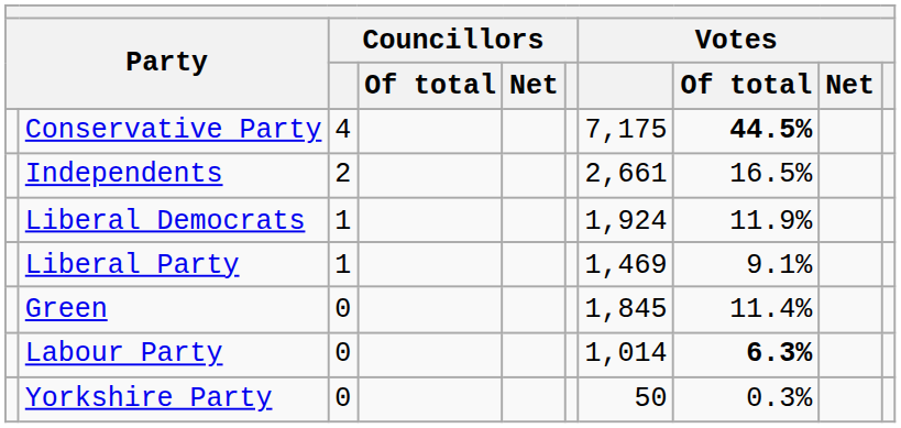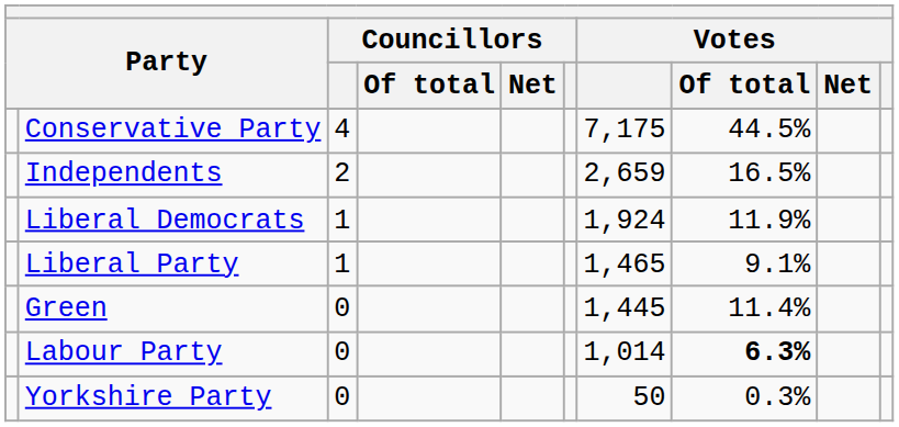 <table class="wikitable sortable" style="text-align:center;">
 <tr>
 <th colspan="10"></th>
 </tr>
 <tr>
 <th colspan="2" rowspan="2">Party</th>
 <th colspan="4">Councillors</th>
 <th colspan="4">Votes</th>
 </tr>
 <tr>
 <th></th>
 <th>Of total</th>
 <th>Net</th>
 <th class="unsortable"></th>
 <th></th>
 <th>Of total</th>
 <th>Net</th>
 <th class="unsortable"></th>
 </tr>
 <tr>
 <td style="background:"></td>
 <td style="text-align:left;"><a href='#'>Conservative Party</a></td>
 <td style="text-align:right;">4</td>
 <td style="text-align:right;"></td>
 <td style="text-align:right;"></td>
 <td data-sort-value=""></td>
 <td style="text-align:right;">7,175</td>
-<td style="text-align:right;"><strong>44.5%</strong></td>
+<td style="text-align:right;">44.5%</td>
 <td style="text-align:right;"></td>
 <td></td>
 </tr>
 <tr>
 <td style="background:"></td>
 <td style="text-align:left;"><a href='#'>Independents</a></td>
 <td style="text-align:right;">2</td>
 <td style="text-align:right;"></td>
 <td style="text-align:right;"></td>
 <td data-sort-value=""></td>
-<td style="text-align:right;">2,661</td>
+<td style="text-align:right;">2,659</td>
 <td style="text-align:right;">16.5%</td>
 <td style="text-align:right;"></td>
 <td></td>
 </tr>
 <tr>
 <td style="background:"></td>
 <td style="text-align:left;"><a href='#'>Liberal Democrats</a></td>
 <td style="text-align:right;">1</td>
 <td style="text-align:right;"></td>
 <td style="text-align:right;"></td>
 <td data-sort-value=""></td>
 <td style="text-align:right;">1,924</td>
 <td style="text-align:right;">11.9%</td>
 <td style="text-align:right;"></td>
 <td></td>
 </tr>
 <tr>
 <td style="background:"></td>
 <td style="text-align:left;"><a href='#'>Liberal Party</a></td>
 <td style="text-align:right;">1</td>
 <td style="text-align:right;"></td>
 <td style="text-align:right;"></td>
 <td data-sort-value=""></td>
-<td style="text-align:right;">1,469</td>
+<td style="text-align:right;">1,465</td>
 <td style="text-align:right;">9.1%</td>
 <td style="text-align:right;"></td>
 <td></td>
 </tr>
 <tr>
 <td style="background:"></td>
 <td style="text-align:left;"><a href='#'>Green</a></td>
 <td style="text-align:right;">0</td>
 <td style="text-align:right;"></td>
 <td style="text-align:right;"></td>
 <td data-sort-value=""></td>
-<td style="text-align:right;">1,845</td>
+<td style="text-align:right;">1,445</td>
 <td style="text-align:right;">11.4%</td>
 <td style="text-align:right;"></td>
 <td></td>
 </tr>
 <tr>
 <td style="background:"></td>
 <td style="text-align:left;"><a href='#'>Labour Party</a></td>
 <td style="text-align:right;">0</td>
 <td style="text-align:right;"></td>
 <td style="text-align:right;"></td>
 <td data-sort-value=""></td>
 <td style="text-align:right;">1,014</td>
 <td style="text-align:right;"><strong>6.3%</strong></td>
 <td style="text-align:right;"></td>
 <td></td>
 </tr>
 <tr>
 <td style="background:"></td>
 <td style="text-align:left;"><a href='#'>Yorkshire Party</a></td>
 <td style="text-align:right;">0</td>
 <td style="text-align:right;"></td>
 <td style="text-align:right;"></td>
 <td data-sort-value=""></td>
 <td style="text-align:right;">50</td>
 <td style="text-align:right;">0.3%</td>
 <td style="text-align:right;"></td>
 <td></td>
 </tr>
 </table>
